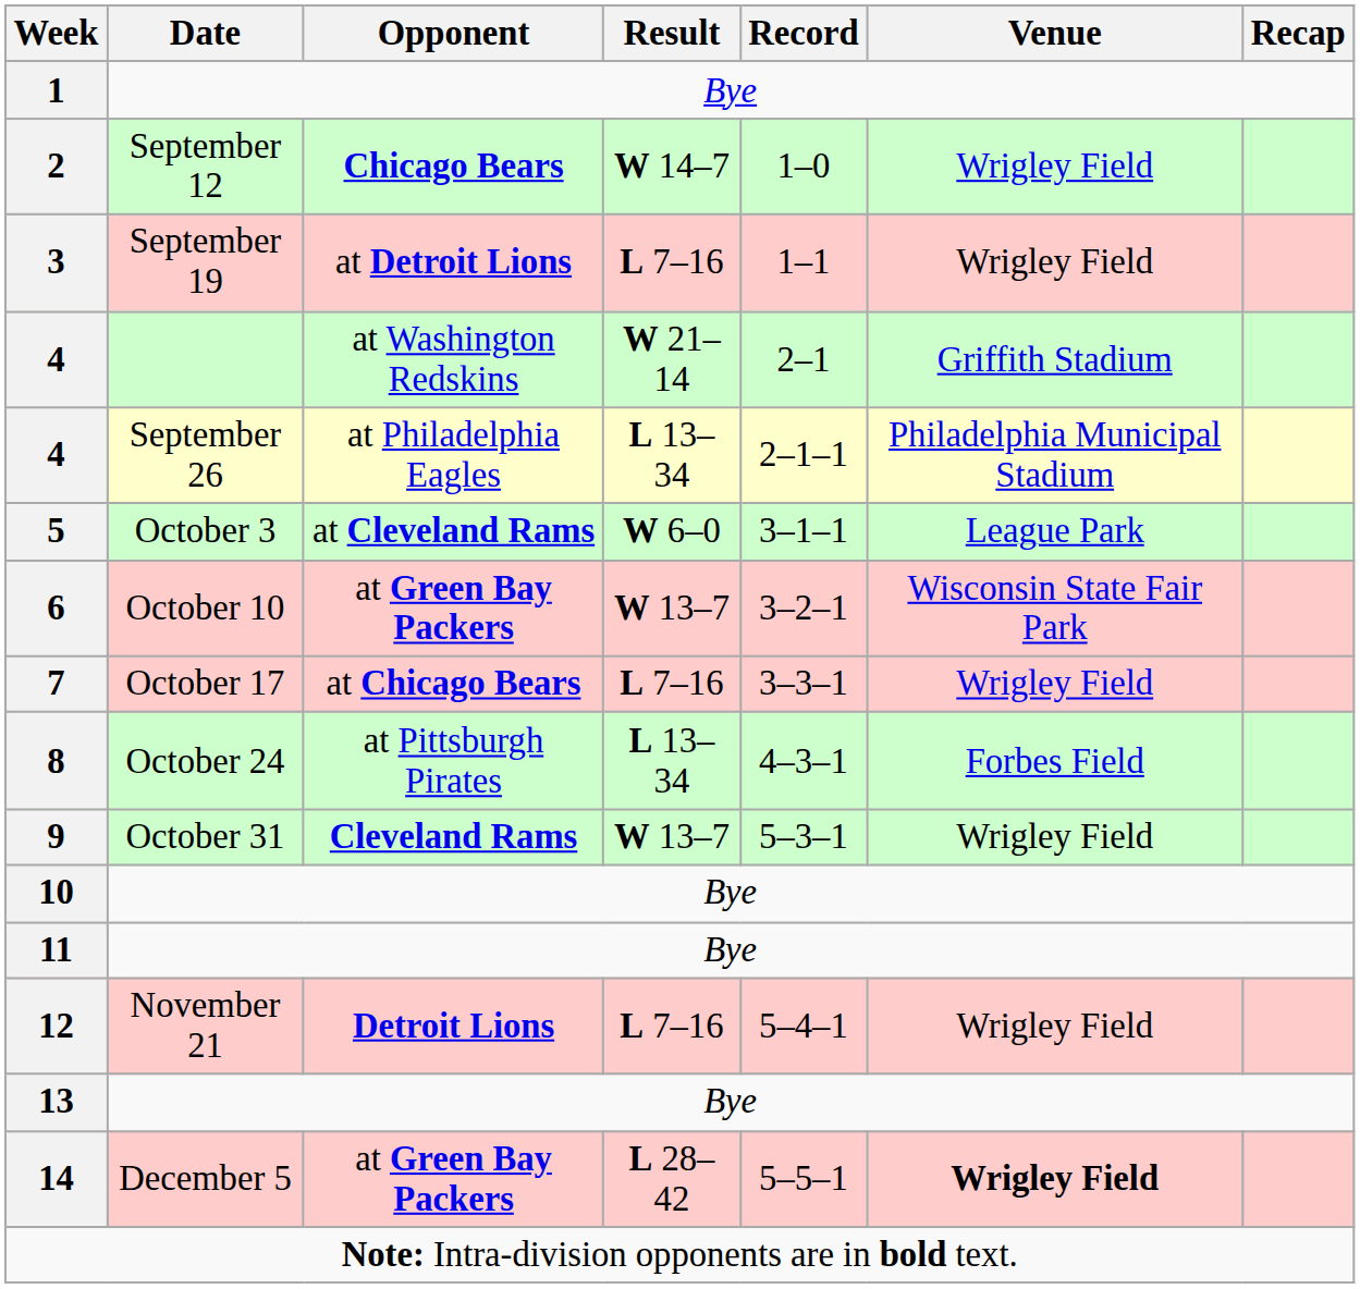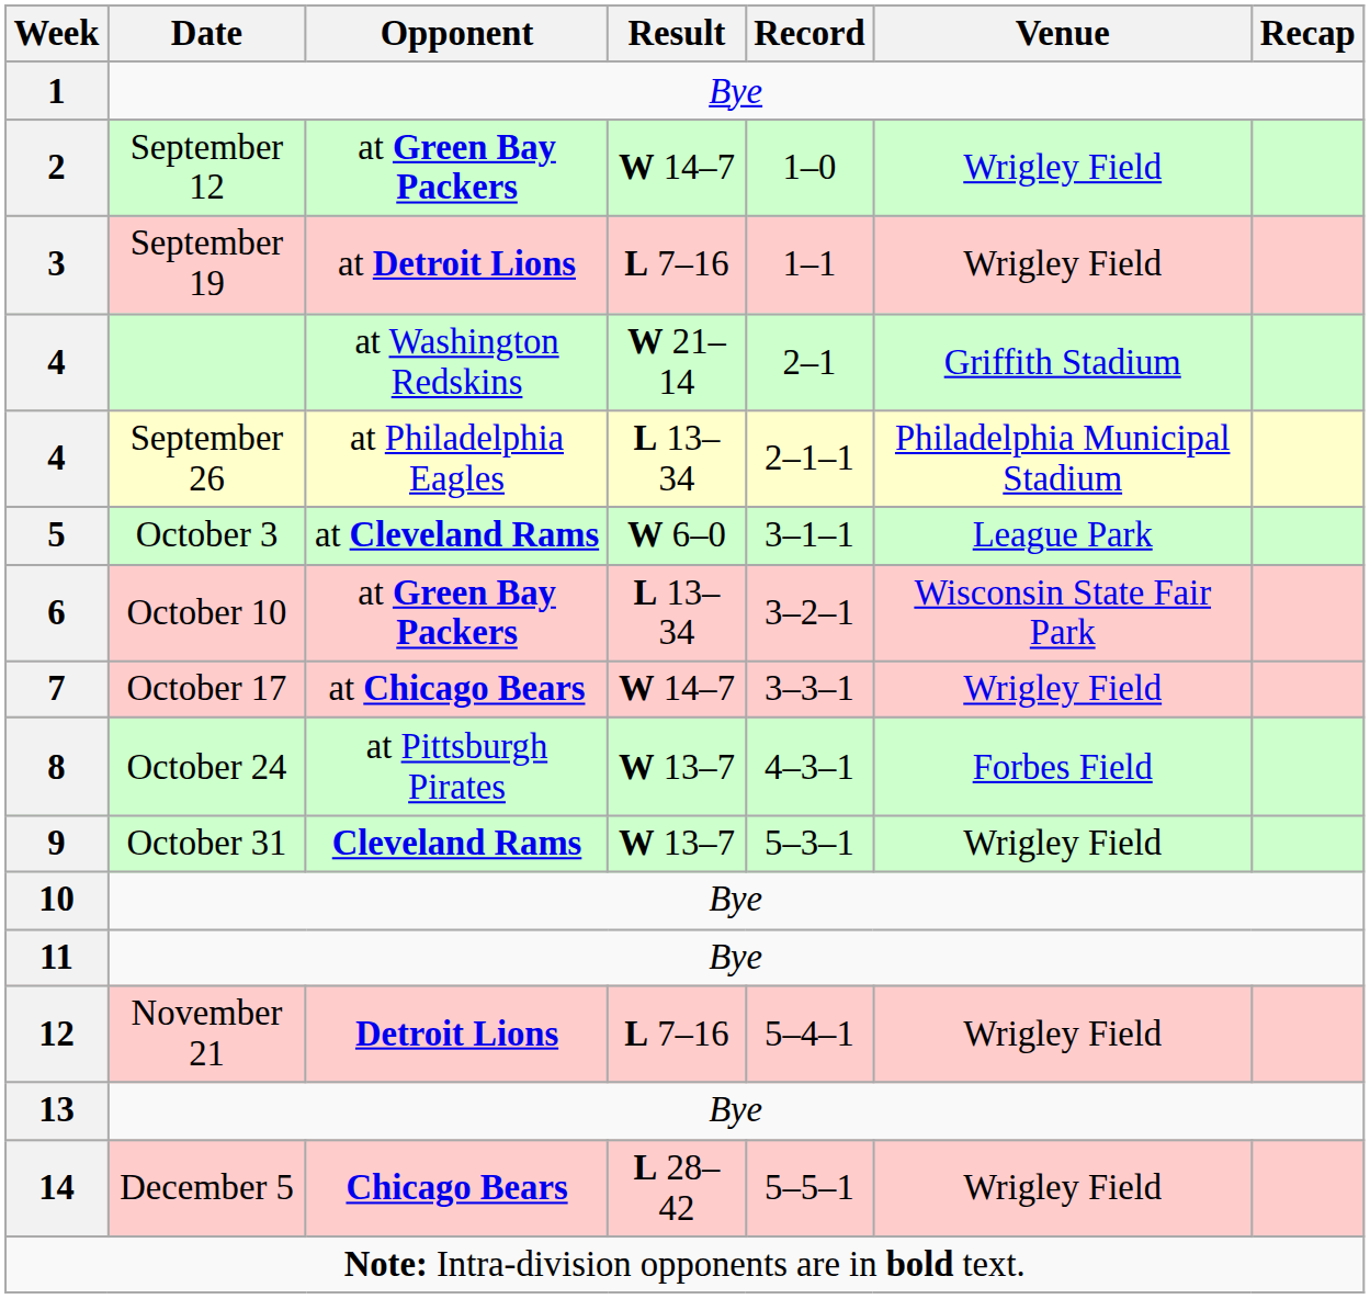 <table class="wikitable" style="text-align:center">
 <tr>
 <th>Week</th>
 <th>Date</th>
 <th>Opponent</th>
 <th>Result</th>
 <th>Record</th>
 <th>Venue</th>
 <th>Recap</th>
 </tr>
 <tr>
 <th>1</th>
 <td colspan="6"><em><a href='#'>Bye</a></em></td>
 </tr>
 <tr style="background:#cfc">
 <th>2</th>
 <td>September 12</td>
-<td><strong><a href='#'>Chicago Bears</a></strong></td>
+<td>at <strong><a href='#'>Green Bay Packers</a></strong></td>
 <td><strong>W</strong> 14–7</td>
 <td>1–0</td>
 <td><a href='#'>Wrigley Field</a></td>
 <td></td>
 </tr>
 <tr style="background:#fcc">
 <th>3</th>
 <td>September 19</td>
 <td>at <strong><a href='#'>Detroit Lions</a></strong></td>
 <td><strong>L</strong> 7–16</td>
 <td>1–1</td>
 <td>Wrigley Field</td>
 <td></td>
 </tr>
 <tr style="background:#cfc">
 <th>4</th>
 <td></td>
 <td>at <a href='#'>Washington Redskins</a></td>
 <td><strong>W</strong> 21–14</td>
 <td>2–1</td>
 <td><a href='#'>Griffith Stadium</a></td>
 <td></td>
 </tr>
 <tr style="background:#ffc">
 <th>4</th>
 <td>September 26</td>
 <td>at <a href='#'>Philadelphia Eagles</a></td>
 <td><strong>L</strong> 13–34</td>
 <td>2–1–1</td>
 <td><a href='#'>Philadelphia Municipal Stadium</a></td>
 <td></td>
 </tr>
 <tr style="background:#cfc">
 <th>5</th>
 <td>October 3</td>
 <td>at <strong><a href='#'>Cleveland Rams</a></strong></td>
 <td><strong>W</strong> 6–0</td>
 <td>3–1–1</td>
 <td><a href='#'>League Park</a></td>
 <td></td>
 </tr>
 <tr style="background:#fcc">
 <th>6</th>
 <td>October 10</td>
 <td>at <strong><a href='#'>Green Bay Packers</a></strong></td>
-<td><strong>W</strong> 13–7</td>
+<td><strong>L</strong> 13–34</td>
 <td>3–2–1</td>
 <td><a href='#'>Wisconsin State Fair Park</a></td>
 <td></td>
 </tr>
 <tr style="background:#fcc">
 <th>7</th>
 <td>October 17</td>
 <td>at <strong><a href='#'>Chicago Bears</a></strong></td>
-<td><strong>L</strong> 7–16</td>
+<td><strong>W</strong> 14–7</td>
 <td>3–3–1</td>
 <td><a href='#'>Wrigley Field</a></td>
 <td></td>
 </tr>
 <tr style="background:#cfc">
 <th>8</th>
 <td>October 24</td>
 <td>at <a href='#'>Pittsburgh Pirates</a></td>
-<td><strong>L</strong> 13–34</td>
+<td><strong>W</strong> 13–7</td>
 <td>4–3–1</td>
 <td><a href='#'>Forbes Field</a></td>
 <td></td>
 </tr>
 <tr style="background:#cfc">
 <th>9</th>
 <td>October 31</td>
 <td><strong><a href='#'>Cleveland Rams</a></strong></td>
 <td><strong>W</strong> 13–7</td>
 <td>5–3–1</td>
 <td>Wrigley Field</td>
 <td></td>
 </tr>
 <tr>
 <th>10</th>
 <td colspan="6"><em>Bye</em></td>
 </tr>
 <tr>
 <th>11</th>
 <td colspan="6"><em>Bye</em></td>
 </tr>
 <tr style="background:#fcc">
 <th>12</th>
 <td>November 21</td>
 <td><strong><a href='#'>Detroit Lions</a></strong></td>
 <td><strong>L</strong> 7–16</td>
 <td>5–4–1</td>
 <td>Wrigley Field</td>
 <td></td>
 </tr>
 <tr>
 <th>13</th>
 <td colspan="6"><em>Bye</em></td>
 </tr>
 <tr style="background:#fcc">
 <th>14</th>
 <td>December 5</td>
-<td>at <strong><a href='#'>Green Bay Packers</a></strong></td>
+<td><strong><a href='#'>Chicago Bears</a></strong></td>
 <td><strong>L</strong> 28–42</td>
 <td>5–5–1</td>
-<td><strong>Wrigley Field</strong></td>
+<td>Wrigley Field</td>
 <td></td>
 </tr>
 <tr>
 <td colspan="8"><strong>Note:</strong> Intra-division opponents are in <strong>bold</strong> text.</td>
 </tr>
 </table>
